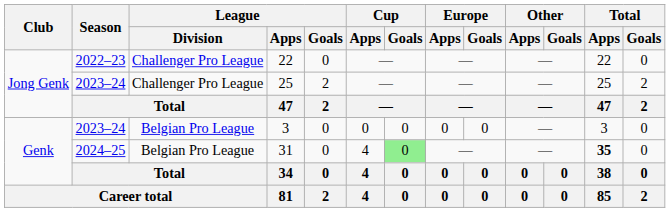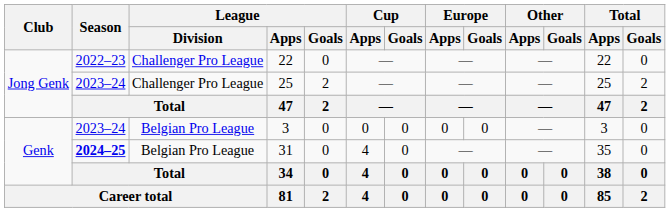 <table class="wikitable" style="text-align:center">
 <tr>
 <th rowspan="2">Club</th>
 <th rowspan="2">Season</th>
 <th colspan="3">League</th>
 <th colspan="2">Cup</th>
 <th colspan="2">Europe</th>
 <th colspan="2">Other</th>
 <th colspan="2">Total</th>
 </tr>
 <tr>
 <th>Division</th>
 <th>Apps</th>
 <th>Goals</th>
 <th>Apps</th>
 <th>Goals</th>
 <th>Apps</th>
 <th>Goals</th>
 <th>Apps</th>
 <th>Goals</th>
 <th>Apps</th>
 <th>Goals</th>
 </tr>
 <tr>
 <td rowspan="3"><a href='#'>Jong Genk</a></td>
 <td><a href='#'>2022–23</a></td>
 <td><a href='#'>Challenger Pro League</a></td>
 <td>22</td>
 <td>0</td>
 <td colspan="2">—</td>
 <td colspan="2">—</td>
 <td colspan="2">—</td>
 <td>22</td>
 <td>0</td>
 </tr>
 <tr>
 <td><a href='#'>2023–24</a></td>
 <td>Challenger Pro League</td>
 <td>25</td>
 <td>2</td>
 <td colspan="2">—</td>
 <td colspan="2">—</td>
 <td colspan="2">—</td>
 <td>25</td>
 <td>2</td>
 </tr>
 <tr>
 <th colspan="2">Total</th>
 <th>47</th>
 <th>2</th>
 <th colspan="2">—</th>
 <th colspan="2">—</th>
 <th colspan="2">—</th>
 <th>47</th>
 <th>2</th>
 </tr>
 <tr>
 <td rowspan="3"><a href='#'>Genk</a></td>
 <td><a href='#'>2023–24</a></td>
 <td><a href='#'>Belgian Pro League</a></td>
 <td>3</td>
 <td>0</td>
 <td>0</td>
 <td>0</td>
 <td>0</td>
 <td>0</td>
 <td colspan="2">—</td>
 <td>3</td>
 <td>0</td>
 </tr>
 <tr>
-<td><a href='#'>2024–25</a></td>
+<td><strong><a href='#'>2024–25</a></strong></td>
 <td>Belgian Pro League</td>
 <td>31</td>
 <td>0</td>
 <td>4</td>
-<td style="background: lightgreen;">0</td>
+<td>0</td>
 <td colspan="2">—</td>
 <td colspan="2">—</td>
-<td><strong>35</strong></td>
+<td>35</td>
 <td>0</td>
 </tr>
 <tr>
 <th colspan="2">Total</th>
 <th>34</th>
 <th>0</th>
 <th>4</th>
 <th>0</th>
 <th>0</th>
 <th>0</th>
 <th>0</th>
 <th>0</th>
 <th>38</th>
 <th>0</th>
 </tr>
 <tr>
 <th colspan="3">Career total</th>
 <th>81</th>
 <th>2</th>
 <th>4</th>
 <th>0</th>
 <th>0</th>
 <th>0</th>
 <th>0</th>
 <th>0</th>
 <th>85</th>
 <th>2</th>
 </tr>
 </table>
